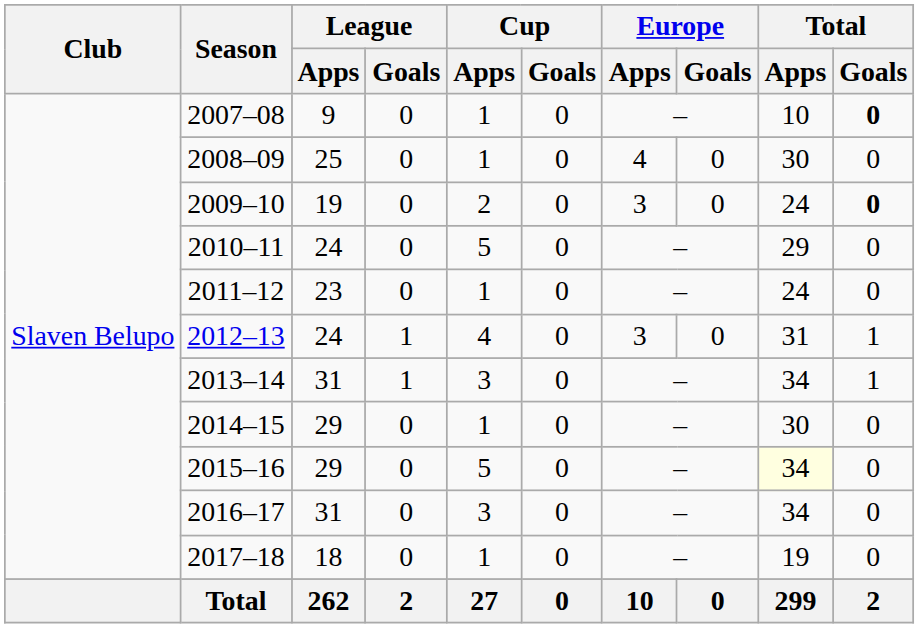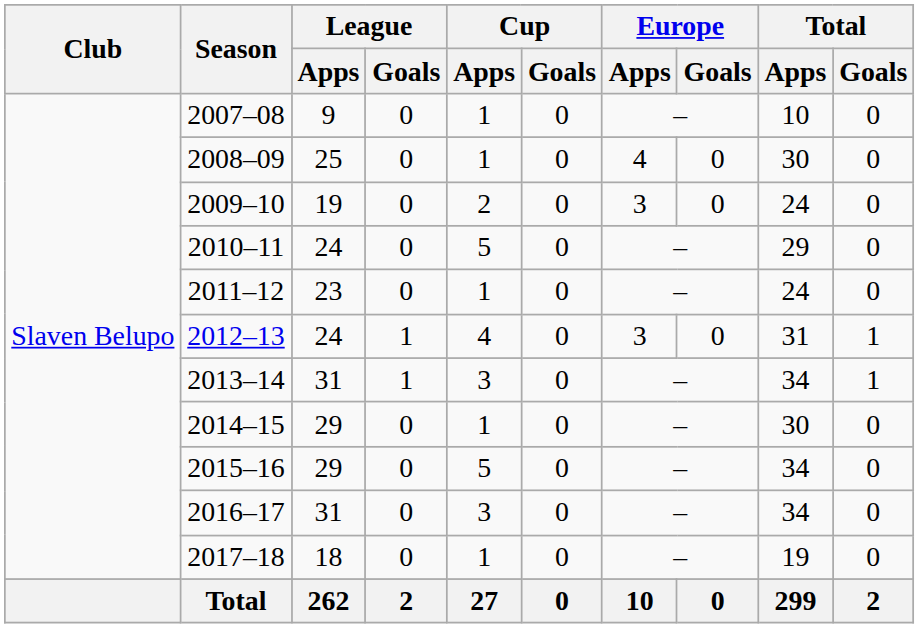 <table class="wikitable" style="text-align: center">
 <tr>
 <th rowspan="2">Club</th>
 <th rowspan="2">Season</th>
 <th colspan="2">League</th>
 <th colspan="2">Cup</th>
 <th colspan="2"><a href='#'>Europe</a></th>
 <th colspan="2">Total</th>
 </tr>
 <tr>
 <th>Apps</th>
 <th>Goals</th>
 <th>Apps</th>
 <th>Goals</th>
 <th>Apps</th>
 <th>Goals</th>
 <th>Apps</th>
 <th>Goals</th>
 </tr>
 <tr>
 <td rowspan="11" valign="center"><a href='#'>Slaven Belupo</a></td>
 <td>2007–08</td>
 <td>9</td>
 <td>0</td>
 <td>1</td>
 <td>0</td>
 <td colspan="2">–</td>
 <td>10</td>
-<td><strong>0</strong></td>
+<td>0</td>
 </tr>
 <tr>
 <td>2008–09</td>
 <td>25</td>
 <td>0</td>
 <td>1</td>
 <td>0</td>
 <td>4</td>
 <td>0</td>
 <td>30</td>
 <td>0</td>
 </tr>
 <tr>
 <td>2009–10</td>
 <td>19</td>
 <td>0</td>
 <td>2</td>
 <td>0</td>
 <td>3</td>
 <td>0</td>
 <td>24</td>
-<td><strong>0</strong></td>
+<td>0</td>
 </tr>
 <tr>
 <td>2010–11</td>
 <td>24</td>
 <td>0</td>
 <td>5</td>
 <td>0</td>
 <td colspan="2">–</td>
 <td>29</td>
 <td>0</td>
 </tr>
 <tr>
 <td>2011–12</td>
 <td>23</td>
 <td>0</td>
 <td>1</td>
 <td>0</td>
 <td colspan="2">–</td>
 <td>24</td>
 <td>0</td>
 </tr>
 <tr>
 <td><a href='#'>2012–13</a></td>
 <td>24</td>
 <td>1</td>
 <td>4</td>
 <td>0</td>
 <td>3</td>
 <td>0</td>
 <td>31</td>
 <td>1</td>
 </tr>
 <tr>
 <td>2013–14</td>
 <td>31</td>
 <td>1</td>
 <td>3</td>
 <td>0</td>
 <td colspan="2">–</td>
 <td>34</td>
 <td>1</td>
 </tr>
 <tr>
 <td>2014–15</td>
 <td>29</td>
 <td>0</td>
 <td>1</td>
 <td>0</td>
 <td colspan="2">–</td>
 <td>30</td>
 <td>0</td>
 </tr>
 <tr>
 <td>2015–16</td>
 <td>29</td>
 <td>0</td>
 <td>5</td>
 <td>0</td>
 <td colspan="2">–</td>
-<td style="background: lightyellow;">34</td>
+<td>34</td>
 <td>0</td>
 </tr>
 <tr>
 <td>2016–17</td>
 <td>31</td>
 <td>0</td>
 <td>3</td>
 <td>0</td>
 <td colspan="2">–</td>
 <td>34</td>
 <td>0</td>
 </tr>
 <tr>
 <td>2017–18</td>
 <td>18</td>
 <td>0</td>
 <td>1</td>
 <td>0</td>
 <td colspan="2">–</td>
 <td>19</td>
 <td>0</td>
 </tr>
 <tr>
 <th></th>
 <th>Total</th>
 <th>262</th>
 <th>2</th>
 <th>27</th>
 <th>0</th>
 <th>10</th>
 <th>0</th>
 <th>299</th>
 <th>2</th>
 </tr>
 </table>
